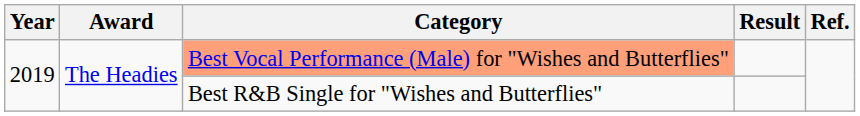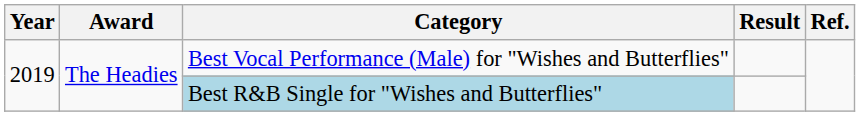 <table class="wikitable sortable">
 <tr>
 <th>Year</th>
 <th>Award</th>
 <th>Category</th>
 <th>Result</th>
 <th>Ref.</th>
 </tr>
 <tr>
 <td rowspan = "2">2019</td>
 <td rowspan = "2"><a href='#'>The Headies</a></td>
-<td style="background: lightsalmon;"><a href='#'>Best Vocal Performance (Male)</a> for "Wishes and Butterflies"</td>
+<td><a href='#'>Best Vocal Performance (Male)</a> for "Wishes and Butterflies"</td>
 <td></td>
 <td rowspan = "2"></td>
 </tr>
 <tr>
-<td>Best R&B Single for "Wishes and Butterflies"</td>
+<td style="background: lightblue;">Best R&B Single for "Wishes and Butterflies"</td>
 <td></td>
 </tr>
 </table>
